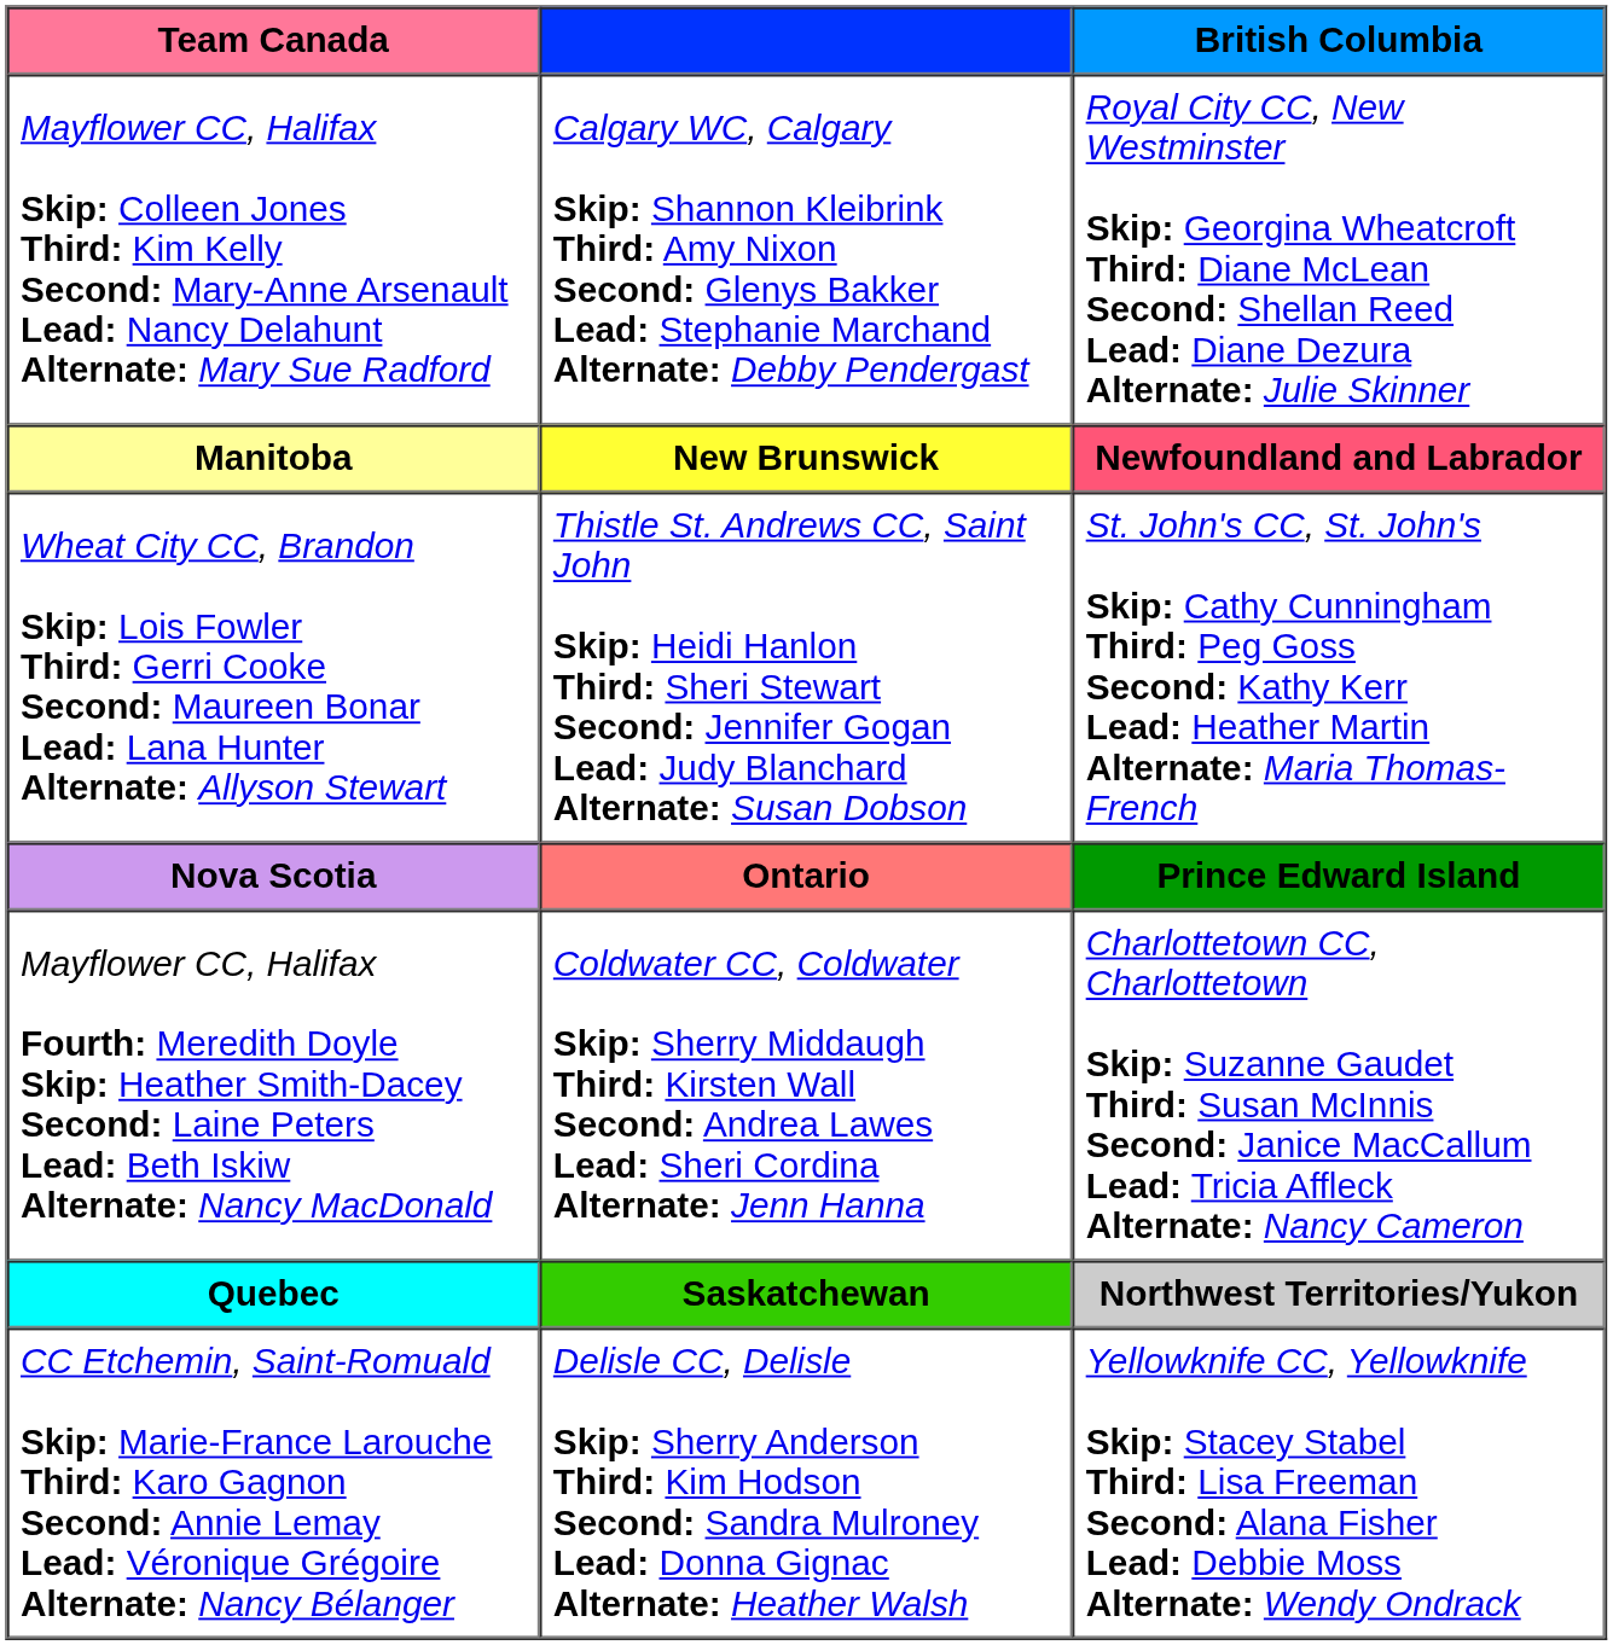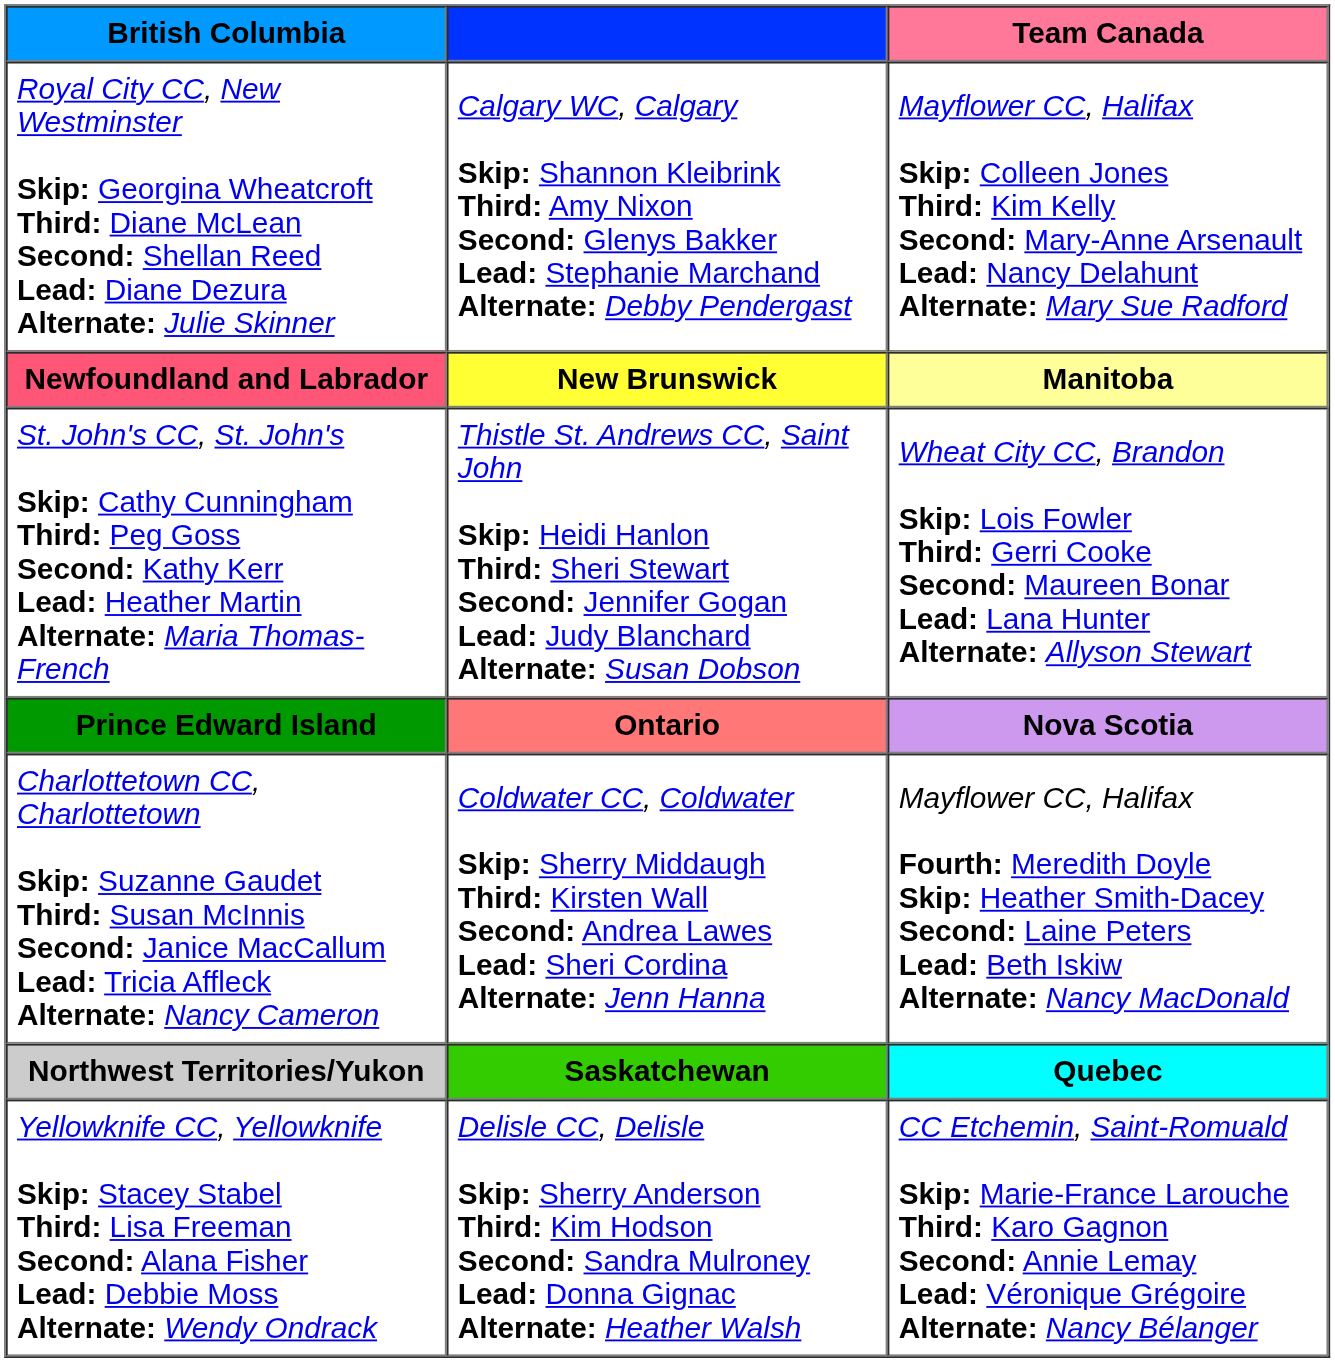 <table border=1 cellpadding=5 cellspacing=0>
 <tr>
+<th bgcolor="#0099ff" width="225">British Columbia</th>
+<th bgcolor="#0033ff" width="225"></th>
 <th bgcolor="#ff7799" width="225">Team Canada</th>
-<th bgcolor="#0033ff" width="225"></th>
-<th bgcolor="#0099ff" width="225">British Columbia</th>
 </tr>
 <tr align=center>
+<td align=left><em><a href='#'>Royal City CC</a>, <a href='#'>New Westminster</a></em><br><br><strong>Skip:</strong> <a href='#'>Georgina Wheatcroft</a><br> <strong>Third:</strong> <a href='#'>Diane McLean</a><br> <strong>Second:</strong> <a href='#'>Shellan Reed</a><br> <strong>Lead:</strong> <a href='#'>Diane Dezura</a><br> <strong>Alternate:</strong> <em><a href='#'>Julie Skinner</a></em></td>
+<td align=left><em><a href='#'>Calgary WC</a>, <a href='#'>Calgary</a></em><br><br><strong>Skip:</strong> <a href='#'>Shannon Kleibrink</a><br> <strong>Third:</strong> <a href='#'>Amy Nixon</a><br> <strong>Second:</strong> <a href='#'>Glenys Bakker</a><br> <strong>Lead:</strong> <a href='#'>Stephanie Marchand</a><br> <strong>Alternate:</strong> <em><a href='#'>Debby Pendergast</a></em></td>
 <td align=left><em><a href='#'>Mayflower CC</a>, <a href='#'>Halifax</a></em><br><br><strong>Skip:</strong> <a href='#'>Colleen Jones</a><br> <strong>Third:</strong> <a href='#'>Kim Kelly</a><br> <strong>Second:</strong> <a href='#'>Mary-Anne Arsenault</a><br> <strong>Lead:</strong> <a href='#'>Nancy Delahunt</a><br> <strong>Alternate:</strong> <em><a href='#'>Mary Sue Radford</a></em></td>
-<td align=left><em><a href='#'>Calgary WC</a>, <a href='#'>Calgary</a></em><br><br><strong>Skip:</strong> <a href='#'>Shannon Kleibrink</a><br> <strong>Third:</strong> <a href='#'>Amy Nixon</a><br> <strong>Second:</strong> <a href='#'>Glenys Bakker</a><br> <strong>Lead:</strong> <a href='#'>Stephanie Marchand</a><br> <strong>Alternate:</strong> <em><a href='#'>Debby Pendergast</a></em></td>
-<td align=left><em><a href='#'>Royal City CC</a>, <a href='#'>New Westminster</a></em><br><br><strong>Skip:</strong> <a href='#'>Georgina Wheatcroft</a><br> <strong>Third:</strong> <a href='#'>Diane McLean</a><br> <strong>Second:</strong> <a href='#'>Shellan Reed</a><br> <strong>Lead:</strong> <a href='#'>Diane Dezura</a><br> <strong>Alternate:</strong> <em><a href='#'>Julie Skinner</a></em></td>
 </tr>
 <tr border=1 cellpadding=5 cellspacing=0>
+<th bgcolor="#ff5577" width="200">Newfoundland and Labrador</th>
+<th bgcolor="#ffff33" width="200">New Brunswick</th>
 <th bgcolor="#ffff99" width="200">Manitoba</th>
-<th bgcolor="#ffff33" width="200">New Brunswick</th>
-<th bgcolor="#ff5577" width="200">Newfoundland and Labrador</th>
 </tr>
 <tr align=center>
+<td align=left><em><a href='#'>St. John's CC</a>, <a href='#'>St. John's</a></em><br><br><strong>Skip:</strong> <a href='#'>Cathy Cunningham</a><br> <strong>Third:</strong> <a href='#'>Peg Goss</a><br> <strong>Second:</strong> <a href='#'>Kathy Kerr</a><br> <strong>Lead:</strong> <a href='#'>Heather Martin</a><br> <strong>Alternate:</strong> <em><a href='#'>Maria Thomas-French</a></em></td>
+<td align=left><em><a href='#'>Thistle St. Andrews CC</a>, <a href='#'>Saint John</a></em><br><br><strong>Skip:</strong> <a href='#'>Heidi Hanlon</a><br> <strong>Third:</strong> <a href='#'>Sheri Stewart</a><br> <strong>Second:</strong> <a href='#'>Jennifer Gogan</a><br> <strong>Lead:</strong> <a href='#'>Judy Blanchard</a><br> <strong>Alternate:</strong> <em><a href='#'>Susan Dobson</a></em></td>
 <td align=left><em><a href='#'>Wheat City CC</a>, <a href='#'>Brandon</a></em><br><br><strong>Skip:</strong> <a href='#'>Lois Fowler</a><br> <strong>Third:</strong> <a href='#'>Gerri Cooke</a><br> <strong>Second:</strong> <a href='#'>Maureen Bonar</a><br> <strong>Lead:</strong> <a href='#'>Lana Hunter</a><br> <strong>Alternate:</strong> <em><a href='#'>Allyson Stewart</a></em></td>
-<td align=left><em><a href='#'>Thistle St. Andrews CC</a>, <a href='#'>Saint John</a></em><br><br><strong>Skip:</strong> <a href='#'>Heidi Hanlon</a><br> <strong>Third:</strong> <a href='#'>Sheri Stewart</a><br> <strong>Second:</strong> <a href='#'>Jennifer Gogan</a><br> <strong>Lead:</strong> <a href='#'>Judy Blanchard</a><br> <strong>Alternate:</strong> <em><a href='#'>Susan Dobson</a></em></td>
-<td align=left><em><a href='#'>St. John's CC</a>, <a href='#'>St. John's</a></em><br><br><strong>Skip:</strong> <a href='#'>Cathy Cunningham</a><br> <strong>Third:</strong> <a href='#'>Peg Goss</a><br> <strong>Second:</strong> <a href='#'>Kathy Kerr</a><br> <strong>Lead:</strong> <a href='#'>Heather Martin</a><br> <strong>Alternate:</strong> <em><a href='#'>Maria Thomas-French</a></em></td>
 </tr>
 <tr border=1 cellpadding=5 cellspacing=0>
+<th bgcolor="#009900" width="200">Prince Edward Island</th>
+<th bgcolor="#ff7777" width="200">Ontario</th>
 <th bgcolor="#cc99ee" width="200">Nova Scotia</th>
-<th bgcolor="#ff7777" width="200">Ontario</th>
-<th bgcolor="#009900" width="200">Prince Edward Island</th>
 </tr>
 <tr align=center>
+<td align=left><em><a href='#'>Charlottetown CC</a>, <a href='#'>Charlottetown</a></em><br><br><strong>Skip:</strong> <a href='#'>Suzanne Gaudet</a><br> <strong>Third:</strong> <a href='#'>Susan McInnis</a><br> <strong>Second:</strong> <a href='#'>Janice MacCallum</a><br> <strong>Lead:</strong> <a href='#'>Tricia Affleck</a><br> <strong>Alternate:</strong> <em><a href='#'>Nancy Cameron</a></em></td>
+<td align=left><em><a href='#'>Coldwater CC</a>, <a href='#'>Coldwater</a></em><br><br><strong>Skip:</strong> <a href='#'>Sherry Middaugh</a><br> <strong>Third:</strong> <a href='#'>Kirsten Wall</a><br> <strong>Second:</strong> <a href='#'>Andrea Lawes</a><br> <strong>Lead:</strong> <a href='#'>Sheri Cordina</a><br> <strong>Alternate:</strong> <em><a href='#'>Jenn Hanna</a></em></td>
 <td align=left><em>Mayflower CC, Halifax</em><br><br><strong>Fourth:</strong> <a href='#'>Meredith Doyle</a><br> <strong>Skip:</strong> <a href='#'>Heather Smith-Dacey</a><br> <strong>Second:</strong> <a href='#'>Laine Peters</a><br> <strong>Lead:</strong> <a href='#'>Beth Iskiw</a><br> <strong>Alternate:</strong> <em><a href='#'>Nancy MacDonald</a></em></td>
-<td align=left><em><a href='#'>Coldwater CC</a>, <a href='#'>Coldwater</a></em><br><br><strong>Skip:</strong> <a href='#'>Sherry Middaugh</a><br> <strong>Third:</strong> <a href='#'>Kirsten Wall</a><br> <strong>Second:</strong> <a href='#'>Andrea Lawes</a><br> <strong>Lead:</strong> <a href='#'>Sheri Cordina</a><br> <strong>Alternate:</strong> <em><a href='#'>Jenn Hanna</a></em></td>
-<td align=left><em><a href='#'>Charlottetown CC</a>, <a href='#'>Charlottetown</a></em><br><br><strong>Skip:</strong> <a href='#'>Suzanne Gaudet</a><br> <strong>Third:</strong> <a href='#'>Susan McInnis</a><br> <strong>Second:</strong> <a href='#'>Janice MacCallum</a><br> <strong>Lead:</strong> <a href='#'>Tricia Affleck</a><br> <strong>Alternate:</strong> <em><a href='#'>Nancy Cameron</a></em></td>
 </tr>
 <tr border=1 cellpadding=5 cellspacing=0>
+<th bgcolor="#cccccc" width="200">Northwest Territories/Yukon</th>
+<th bgcolor="#33cc00" width="200">Saskatchewan</th>
 <th bgcolor="#00ffff" width="200">Quebec</th>
-<th bgcolor="#33cc00" width="200">Saskatchewan</th>
-<th bgcolor="#cccccc" width="200">Northwest Territories/Yukon</th>
 </tr>
 <tr align=center>
+<td align=left><em><a href='#'>Yellowknife CC</a>, <a href='#'>Yellowknife</a></em><br><br><strong>Skip:</strong> <a href='#'>Stacey Stabel</a><br> <strong>Third:</strong> <a href='#'>Lisa Freeman</a><br> <strong>Second:</strong> <a href='#'>Alana Fisher</a><br> <strong>Lead:</strong> <a href='#'>Debbie Moss</a><br> <strong>Alternate:</strong> <em><a href='#'>Wendy Ondrack</a></em></td>
+<td align=left><em><a href='#'>Delisle CC</a>, <a href='#'>Delisle</a></em><br><br><strong>Skip:</strong> <a href='#'>Sherry Anderson</a><br> <strong>Third:</strong> <a href='#'>Kim Hodson</a><br> <strong>Second:</strong> <a href='#'>Sandra Mulroney</a><br> <strong>Lead:</strong> <a href='#'>Donna Gignac</a><br> <strong>Alternate:</strong> <em><a href='#'>Heather Walsh</a></em></td>
 <td align=left><em><a href='#'>CC Etchemin</a>, <a href='#'>Saint-Romuald</a></em><br><br><strong>Skip:</strong> <a href='#'>Marie-France Larouche</a><br> <strong>Third:</strong> <a href='#'>Karo Gagnon</a><br> <strong>Second:</strong> <a href='#'>Annie Lemay</a><br> <strong>Lead:</strong> <a href='#'>Véronique Grégoire</a><br> <strong>Alternate:</strong> <em><a href='#'>Nancy Bélanger</a></em></td>
-<td align=left><em><a href='#'>Delisle CC</a>, <a href='#'>Delisle</a></em><br><br><strong>Skip:</strong> <a href='#'>Sherry Anderson</a><br> <strong>Third:</strong> <a href='#'>Kim Hodson</a><br> <strong>Second:</strong> <a href='#'>Sandra Mulroney</a><br> <strong>Lead:</strong> <a href='#'>Donna Gignac</a><br> <strong>Alternate:</strong> <em><a href='#'>Heather Walsh</a></em></td>
-<td align=left><em><a href='#'>Yellowknife CC</a>, <a href='#'>Yellowknife</a></em><br><br><strong>Skip:</strong> <a href='#'>Stacey Stabel</a><br> <strong>Third:</strong> <a href='#'>Lisa Freeman</a><br> <strong>Second:</strong> <a href='#'>Alana Fisher</a><br> <strong>Lead:</strong> <a href='#'>Debbie Moss</a><br> <strong>Alternate:</strong> <em><a href='#'>Wendy Ondrack</a></em></td>
 </tr>
 </table>
